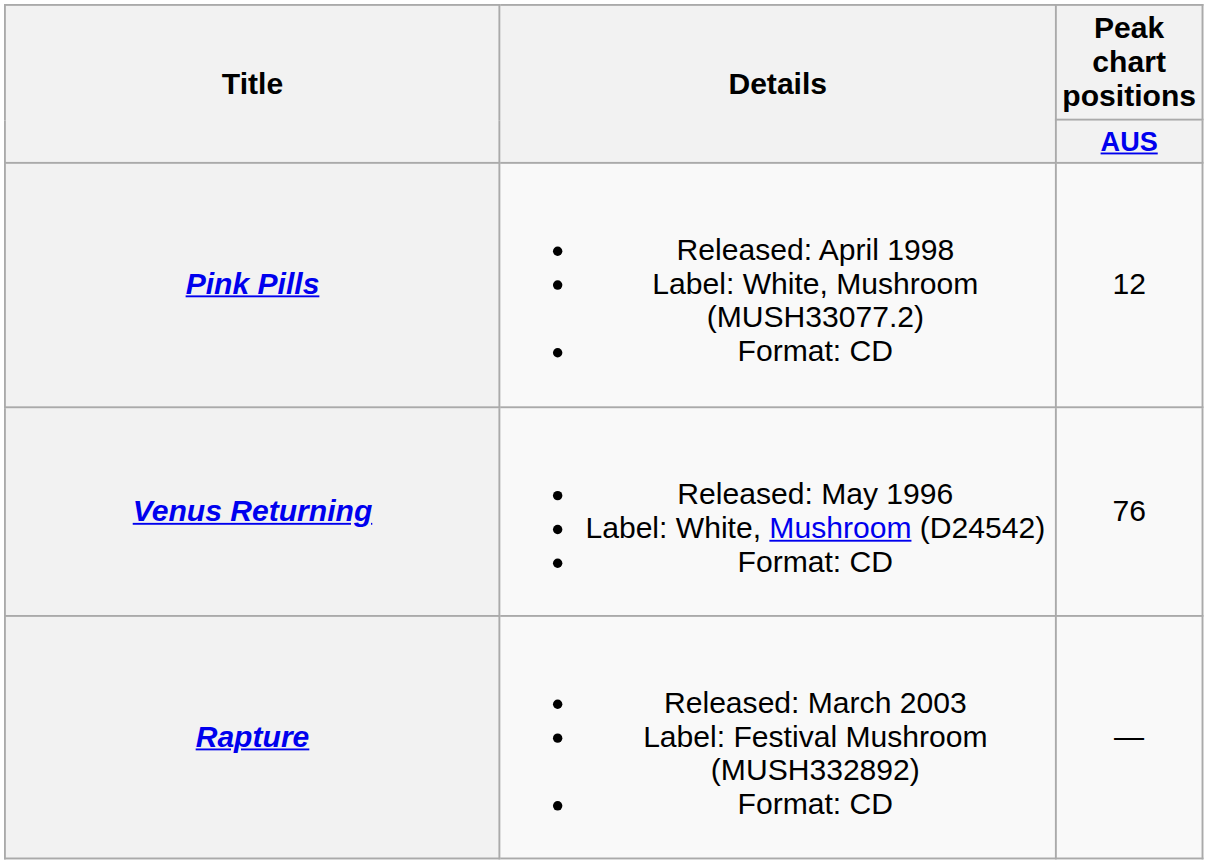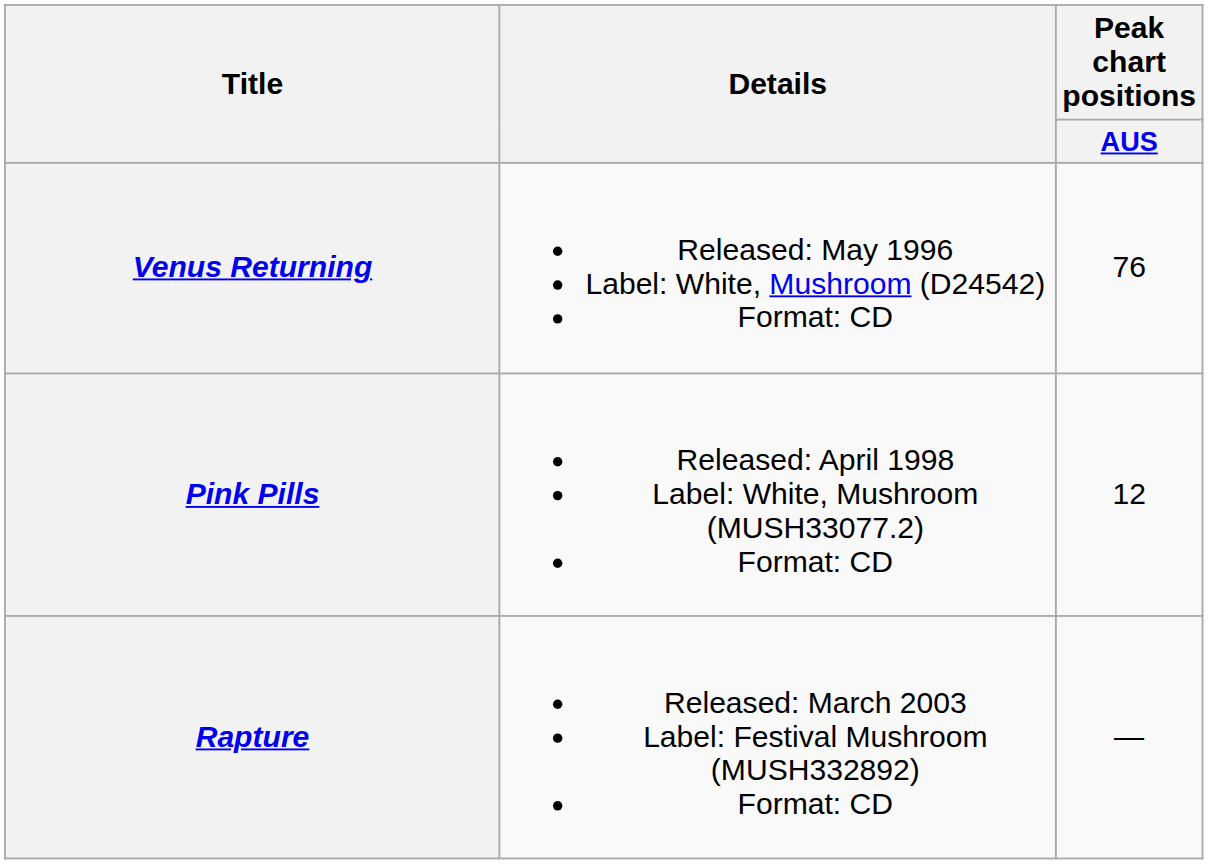 <table class="wikitable plainrowheaders" style="text-align:center;">
 <tr>
 <th scope="col" rowspan="2" style="width:16em;">Title</th>
 <th scope="col" rowspan="2" style="width:18em;">Details</th>
 <th scope="col" colspan="1">Peak chart positions</th>
 </tr>
 <tr>
 <th scope="col" style="width:3em;font-size:90%;"><a href='#'>AUS</a><br></th>
 </tr>
 <tr>
+<th scope="row"><em><a href='#'>Venus Returning</a></em></th>
+<td><br><ul><li>Released: May 1996</li><li>Label: White, <a href='#'>Mushroom</a> (D24542)</li><li>Format: CD</li></ul></td>
+<td>76</td>
+</tr>
+<tr>
 <th scope="row"><em><a href='#'>Pink Pills</a></em></th>
 <td><br><ul><li>Released: April 1998</li><li>Label: White, Mushroom (MUSH33077.2)</li><li>Format: CD</li></ul></td>
 <td>12</td>
-</tr>
-<tr>
-<th scope="row"><em><a href='#'>Venus Returning</a></em></th>
-<td><br><ul><li>Released: May 1996</li><li>Label: White, <a href='#'>Mushroom</a> (D24542)</li><li>Format: CD</li></ul></td>
-<td>76</td>
 </tr>
 <tr>
 <th scope="row"><em><a href='#'>Rapture</a></em></th>
 <td><br><ul><li>Released: March 2003</li><li>Label: Festival Mushroom (MUSH332892)</li><li>Format: CD</li></ul></td>
 <td>—</td>
 </tr>
 </table>
